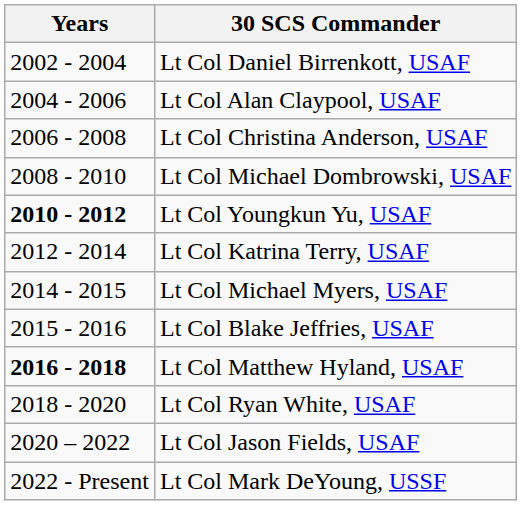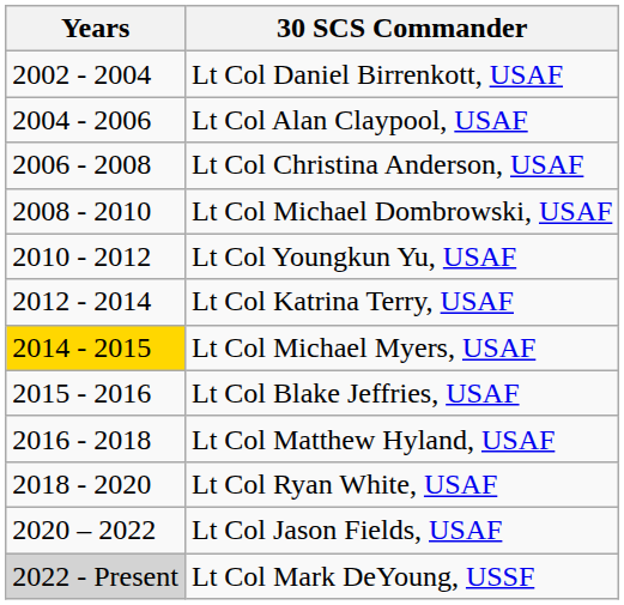 <table class="wikitable">
 <tr>
 <th>Years</th>
 <th>30 SCS Commander</th>
 </tr>
 <tr>
 <td>2002 - 2004</td>
 <td>Lt Col Daniel Birrenkott, <a href='#'>USAF</a></td>
 </tr>
 <tr>
 <td>2004 - 2006</td>
 <td>Lt Col Alan Claypool, <a href='#'>USAF</a></td>
 </tr>
 <tr>
 <td>2006 - 2008</td>
 <td>Lt Col Christina Anderson, <a href='#'>USAF</a></td>
 </tr>
 <tr>
 <td>2008 - 2010</td>
 <td>Lt Col Michael Dombrowski, <a href='#'>USAF</a></td>
 </tr>
 <tr>
-<td><strong>2010 - 2012</strong></td>
+<td>2010 - 2012</td>
 <td>Lt Col Youngkun Yu, <a href='#'>USAF</a></td>
 </tr>
 <tr>
 <td>2012 - 2014</td>
 <td>Lt Col Katrina Terry, <a href='#'>USAF</a></td>
 </tr>
 <tr>
-<td>2014 - 2015</td>
+<td style="background: gold;">2014 - 2015</td>
 <td>Lt Col Michael Myers, <a href='#'>USAF</a></td>
 </tr>
 <tr>
 <td>2015 - 2016</td>
 <td>Lt Col Blake Jeffries, <a href='#'>USAF</a></td>
 </tr>
 <tr>
-<td><strong>2016 - 2018</strong></td>
+<td>2016 - 2018</td>
 <td>Lt Col Matthew Hyland, <a href='#'>USAF</a></td>
 </tr>
 <tr>
 <td>2018 - 2020</td>
 <td>Lt Col Ryan White, <a href='#'>USAF</a></td>
 </tr>
 <tr>
 <td>2020 – 2022</td>
 <td>Lt Col Jason Fields, <a href='#'>USAF</a></td>
 </tr>
 <tr>
-<td>2022 - Present</td>
+<td style="background: lightgrey;">2022 - Present</td>
 <td>Lt Col Mark DeYoung, <a href='#'>USSF</a></td>
 </tr>
 </table>
